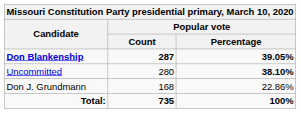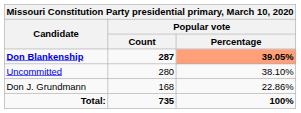 <table class="wikitable" style=" font-size:95%;">
 <tr>
 <th colspan="3">Missouri Constitution Party presidential primary, March 10, 2020</th>
 </tr>
 <tr>
 <th rowspan="2" style="width:160px;">Candidate</th>
 <th colspan="2" style="width:75px;">Popular vote</th>
 </tr>
 <tr>
 <th>Count</th>
 <th>Percentage</th>
 </tr>
 <tr align="right" >
 <td style="text-align:left;"> <strong><a href='#'>Don Blankenship</a></strong></td>
 <td><strong>287</strong></td>
-<td><strong>39.05%</strong></td>
+<td style="background: lightsalmon;"><strong>39.05%</strong></td>
 </tr>
 <tr style="text-align:right;">
 <td style="text-align:left;"><a href='#'>Uncommitted</a></td>
 <td>280</td>
-<td><strong>38.10%</strong></td>
+<td>38.10%</td>
 </tr>
 <tr style="text-align:right;">
 <td style="text-align:left;">Don J. Grundmann</td>
 <td>168</td>
 <td>22.86%</td>
 </tr>
 <tr style="text-align:right;">
 <td><strong>Total:</strong></td>
 <td><strong>735</strong></td>
 <td><strong>100%</strong></td>
 </tr>
 </table>
